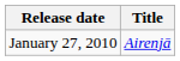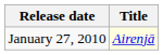 <table class="wikitable">
 <tr>
 <th>Release date</th>
 <th>Title</th>
 </tr>
 <tr>
 <td>January 27, 2010</td>
-<td><em><a href='#'>Airenjā</a></em></td>
+<td style="background: lightyellow;"><em><a href='#'>Airenjā</a></em></td>
 </tr>
 </table>
